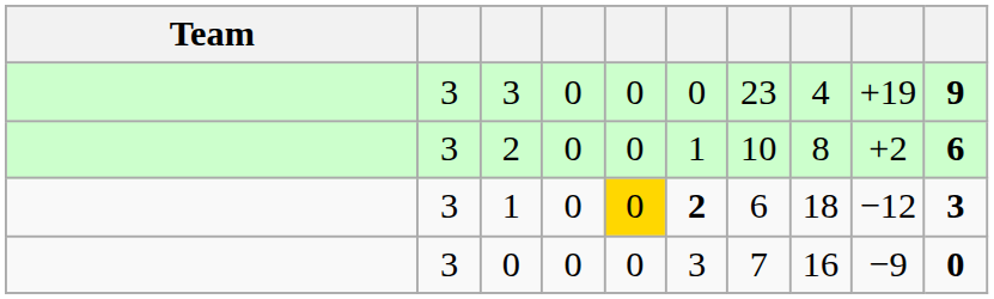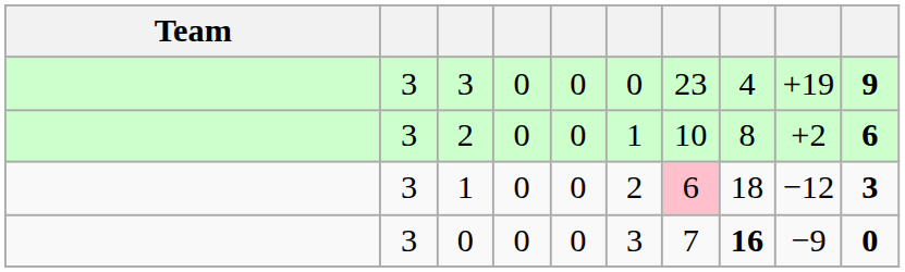 <table class="wikitable" style="text-align: center;">
 <tr>
 <th width="175">Team</th>
 <th width="20"></th>
 <th width="20"></th>
 <th width="20"></th>
 <th width="20"></th>
 <th width="20"></th>
 <th width="20"></th>
 <th width="20"></th>
 <th width="20"></th>
 <th width="20"></th>
 </tr>
 <tr bgcolor=#ccffcc>
 <td align=left></td>
 <td>3</td>
 <td>3</td>
 <td>0</td>
 <td>0</td>
 <td>0</td>
 <td>23</td>
 <td>4</td>
 <td>+19</td>
 <td><strong>9</strong></td>
 </tr>
 <tr bgcolor=#ccffcc>
 <td align=left></td>
 <td>3</td>
 <td>2</td>
 <td>0</td>
 <td>0</td>
 <td>1</td>
 <td>10</td>
 <td>8</td>
 <td>+2</td>
 <td><strong>6</strong></td>
 </tr>
 <tr>
 <td align=left></td>
 <td>3</td>
 <td>1</td>
 <td>0</td>
-<td style="background: gold;">0</td>
-<td><strong>2</strong></td>
-<td>6</td>
+<td>0</td>
+<td>2</td>
+<td style="background: pink;">6</td>
 <td>18</td>
 <td>−12</td>
 <td><strong>3</strong></td>
 </tr>
 <tr>
 <td align=left></td>
 <td>3</td>
 <td>0</td>
 <td>0</td>
 <td>0</td>
 <td>3</td>
 <td>7</td>
-<td>16</td>
+<td><strong>16</strong></td>
 <td>−9</td>
 <td><strong>0</strong></td>
 </tr>
 </table>
